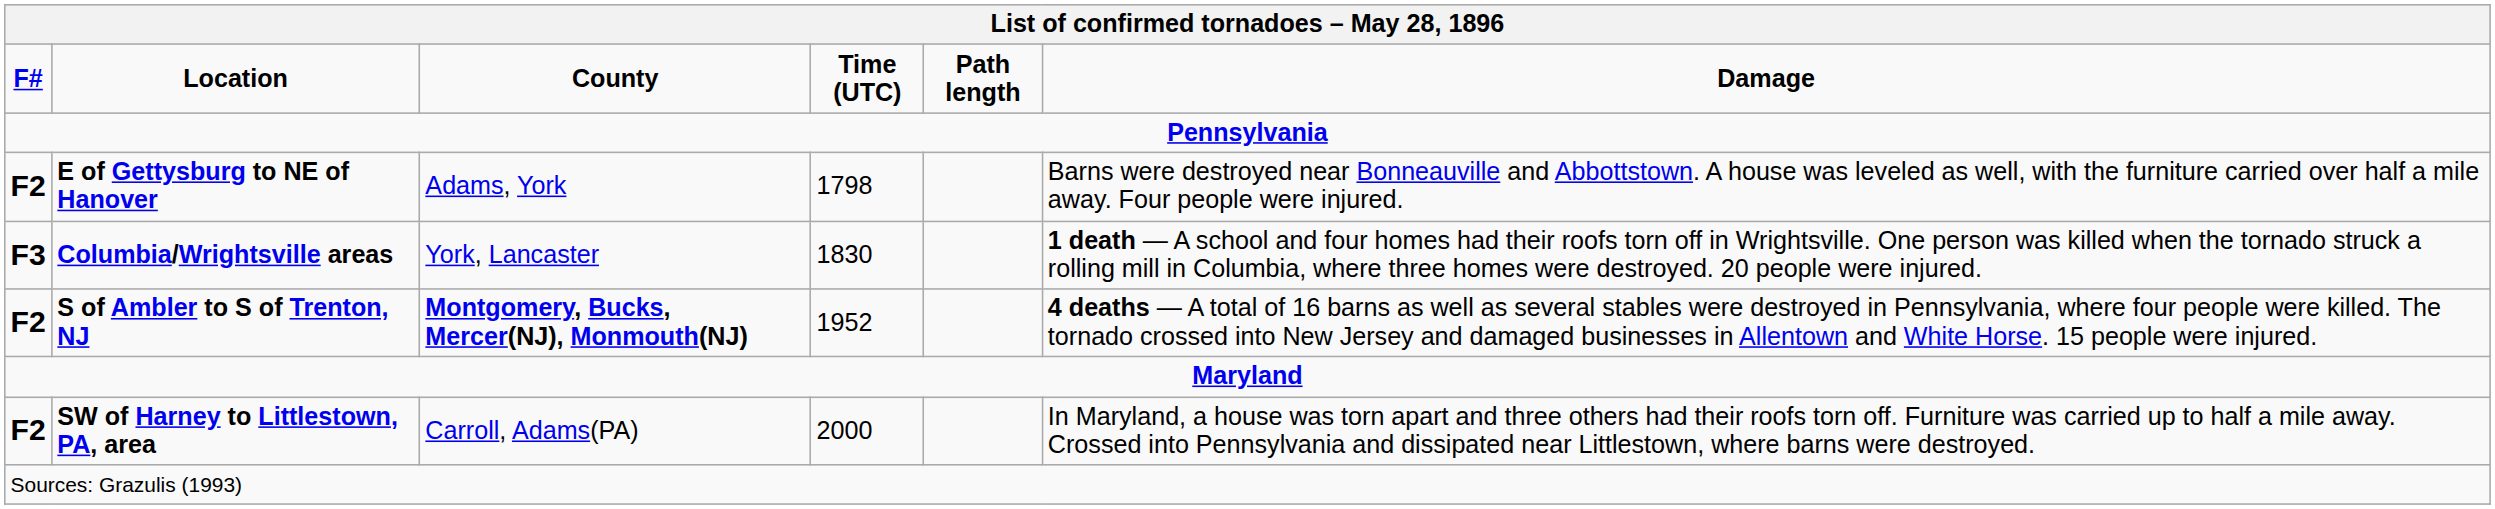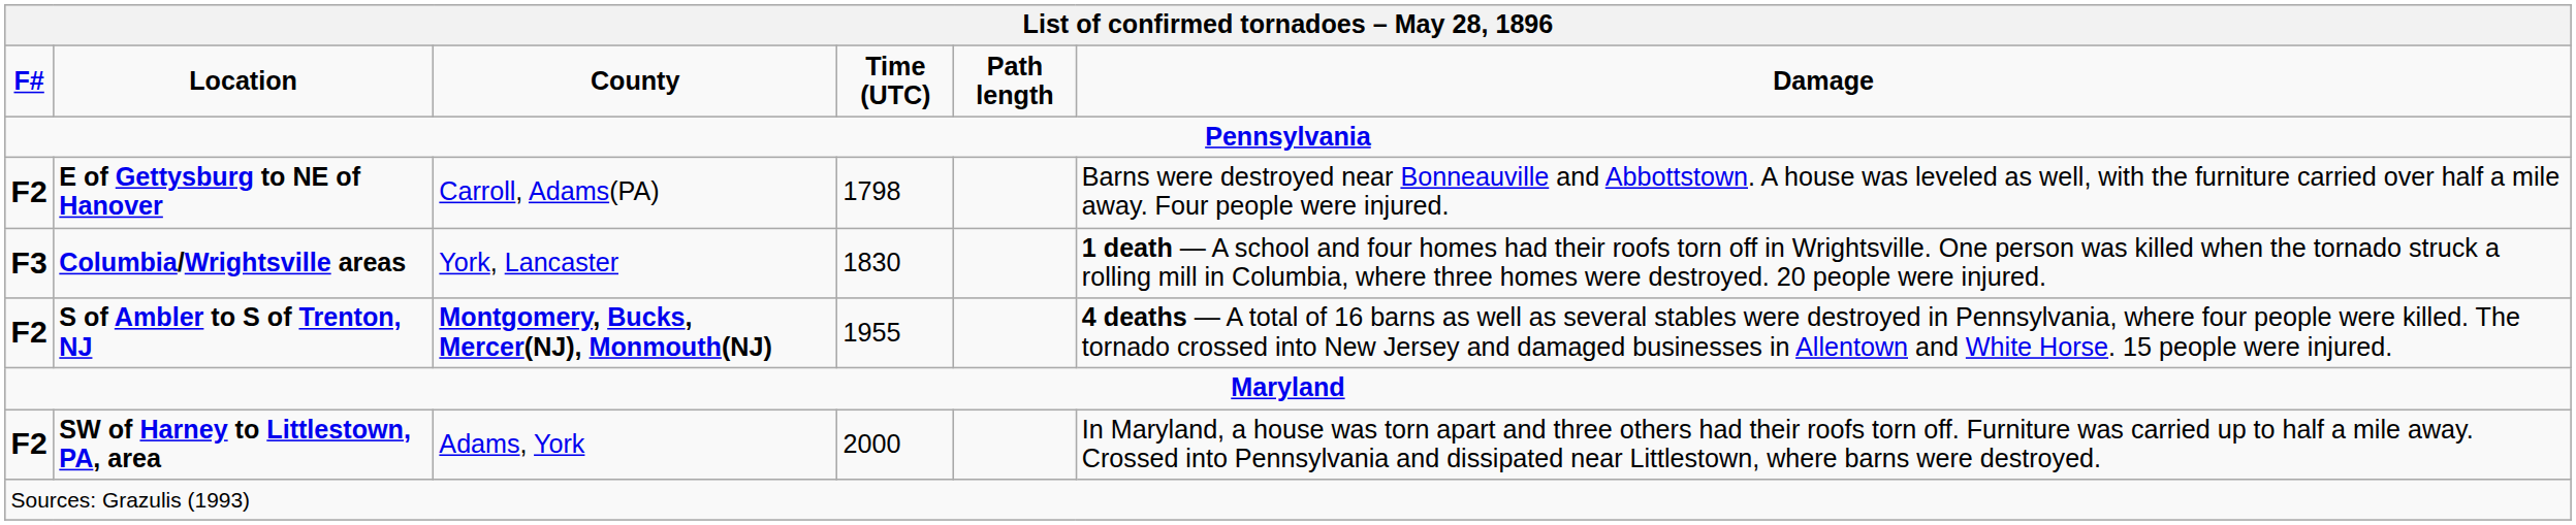 <table class="wikitable toccolours collapsible" style="width:100%;">
 <tr>
 <th colspan="6">List of confirmed tornadoes – May 28, 1896</th>
 </tr>
 <tr style="text-align:center;">
 <td><strong><a href='#'>F#</a></strong></td>
 <td><strong>Location</strong></td>
 <td><strong>County</strong></td>
 <td><strong>Time (UTC)</strong></td>
 <td><strong>Path length</strong></td>
 <td><strong>Damage</strong></td>
 </tr>
 <tr>
 <td colspan="7" style="text-align:center;"><strong><a href='#'>Pennsylvania</a></strong></td>
 </tr>
 <tr>
 <td><big><strong>F2</strong></big></td>
 <td><strong>E of <a href='#'>Gettysburg</a> to NE of <a href='#'>Hanover</a></strong></td>
-<td><a href='#'>Adams</a>, <a href='#'>York</a></td>
+<td><a href='#'>Carroll</a>, <a href='#'>Adams</a>(PA)</td>
 <td>1798</td>
 <td></td>
 <td>Barns were destroyed near <a href='#'>Bonneauville</a> and <a href='#'>Abbottstown</a>. A house was leveled as well, with the furniture carried over half a mile away. Four people were injured.</td>
 </tr>
 <tr>
 <td><big><strong>F3</strong></big></td>
 <td><strong><a href='#'>Columbia</a>/<a href='#'>Wrightsville</a> areas</strong></td>
 <td><a href='#'>York</a>, <a href='#'>Lancaster</a></td>
 <td>1830</td>
 <td></td>
 <td><strong>1 death</strong> — A school and four homes had their roofs torn off in Wrightsville. One person was killed when the tornado struck a rolling mill in Columbia, where three homes were destroyed. 20 people were injured.</td>
 </tr>
 <tr>
 <td><big><strong>F2</strong></big></td>
 <td><strong>S of <a href='#'>Ambler</a> to S of <a href='#'>Trenton, NJ</a></strong></td>
 <td><strong><a href='#'>Montgomery</a>, <a href='#'>Bucks</a>, <a href='#'>Mercer</a>(NJ), <a href='#'>Monmouth</a>(NJ)</strong></td>
-<td>1952</td>
+<td>1955</td>
 <td></td>
 <td><strong>4 deaths</strong> —  A total of 16 barns as well as several stables were destroyed in Pennsylvania, where four people were killed. The tornado crossed into New Jersey and damaged businesses in <a href='#'>Allentown</a> and <a href='#'>White Horse</a>. 15 people were injured.</td>
 </tr>
 <tr>
 <td colspan="7" style="text-align:center;"><strong><a href='#'>Maryland</a></strong></td>
 </tr>
 <tr>
 <td><big><strong>F2</strong></big></td>
 <td><strong>SW of <a href='#'>Harney</a> to <a href='#'>Littlestown, PA</a>, area</strong></td>
-<td><a href='#'>Carroll</a>, <a href='#'>Adams</a>(PA)</td>
+<td><a href='#'>Adams</a>, <a href='#'>York</a></td>
 <td>2000</td>
 <td></td>
 <td>In Maryland, a house was torn apart and three others had their roofs torn off. Furniture was carried up to half a mile away. Crossed into Pennsylvania and dissipated near Littlestown, where barns were destroyed.</td>
 </tr>
 <tr>
 <td colspan="7"><small>Sources: Grazulis (1993)</small></td>
 </tr>
 </table>
